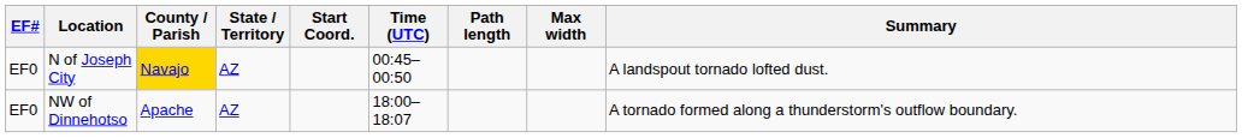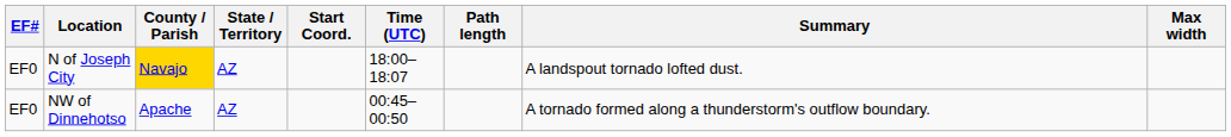 <table class="wikitable sortable" style="width:100%;">
 <tr>
 <th scope="col"  style="width:3%; text-align:center;"><a href='#'>EF#</a></th>
 <th scope="col"  style="width:7%; text-align:center;" class="unsortable">Location</th>
 <th scope="col"  style="width:6%; text-align:center;" class="unsortable">County / Parish</th>
 <th scope="col"  style="width:5%; text-align:center;">State / Territory</th>
 <th scope="col"  style="width:6%; text-align:center;">Start Coord.</th>
 <th scope="col"  style="width:6%; text-align:center;">Time (<a href='#'>UTC</a>)</th>
 <th scope="col"  style="width:6%; text-align:center;">Path length</th>
+<th scope="col" class="unsortable" style="width:48%; text-align:center;">Summary</th>
 <th scope="col"  style="width:6%; text-align:center;">Max width</th>
-<th scope="col" class="unsortable" style="width:48%; text-align:center;">Summary</th>
 </tr>
 <tr>
 <td>EF0</td>
 <td>N of <a href='#'>Joseph City</a></td>
 <td style="background: gold;"><a href='#'>Navajo</a></td>
 <td><a href='#'>AZ</a></td>
 <td></td>
-<td>00:45–00:50</td>
-<td></td>
+<td>18:00–18:07</td>
 <td></td>
 <td>A landspout tornado lofted dust.</td>
+<td></td>
 </tr>
 <tr>
 <td>EF0</td>
 <td>NW of <a href='#'>Dinnehotso</a></td>
 <td><a href='#'>Apache</a></td>
 <td><a href='#'>AZ</a></td>
 <td></td>
-<td>18:00–18:07</td>
-<td></td>
+<td>00:45–00:50</td>
 <td></td>
 <td>A tornado formed along a thunderstorm's outflow boundary.</td>
+<td></td>
 </tr>
 </table>
